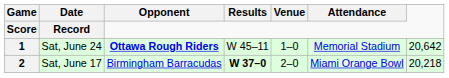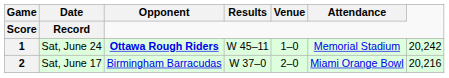 <table class="wikitable" style="text-align:center">
 <tr>
 <th>Game</th>
 <th>Date</th>
 <th>Opponent</th>
 <th>Results</th>
 <th>Venue</th>
 <th>Attendance</th>
 </tr>
 <tr>
 <th>Score</th>
 <th>Record</th>
 </tr>
 <tr style="background:#ddffdd">
 <th>1</th>
 <td>Sat, June 24</td>
 <td><strong><a href='#'>Ottawa Rough Riders</a></strong></td>
 <td>W 45–11</td>
 <td>1–0</td>
 <td><a href='#'>Memorial Stadium</a></td>
-<td>20,642</td>
+<td>20,242</td>
 </tr>
 <tr style="background:#ddffdd">
 <th>2</th>
 <td>Sat, June 17</td>
 <td><a href='#'>Birmingham Barracudas</a></td>
-<td><strong>W 37–0</strong></td>
+<td>W 37–0</td>
 <td>2–0</td>
 <td><a href='#'>Miami Orange Bowl</a></td>
-<td>20,218</td>
+<td>20,216</td>
 </tr>
 </table>
